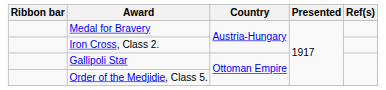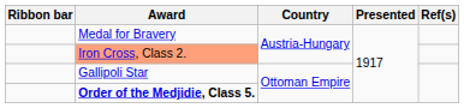 <table class="wikitable" | style="margin-left:auto;margin-right:auto"|>
 <tr>
 <th>Ribbon bar</th>
 <th>Award</th>
 <th>Country</th>
 <th>Presented</th>
 <th>Ref(s)</th>
 </tr>
 <tr>
 <td></td>
 <td><a href='#'>Medal for Bravery</a></td>
 <td rowspan="2"><a href='#'>Austria-Hungary</a></td>
 <td rowspan="4">1917</td>
 <td></td>
 </tr>
 <tr>
 <td></td>
-<td><a href='#'>Iron Cross</a>, Class 2.</td>
+<td style="background: lightsalmon;"><a href='#'>Iron Cross</a>, Class 2.</td>
 <td></td>
 </tr>
 <tr>
 <td></td>
 <td><a href='#'>Gallipoli Star</a></td>
 <td rowspan="2"><a href='#'>Ottoman Empire</a></td>
 <td rowspan="2"></td>
 </tr>
 <tr>
 <td></td>
-<td><a href='#'>Order of the Medjidie</a>, Class 5.</td>
+<td><strong><a href='#'>Order of the Medjidie</a>, Class 5.</strong></td>
 </tr>
 </table>
